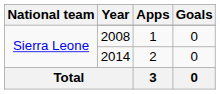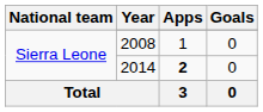 <table class="wikitable" style="text-align:center">
 <tr>
 <th>National team</th>
 <th>Year</th>
 <th>Apps</th>
 <th>Goals</th>
 </tr>
 <tr>
 <td rowspan="3"><a href='#'>Sierra Leone</a></td>
 </tr>
 <tr>
 <td>2008</td>
 <td>1</td>
 <td>0</td>
 </tr>
 <tr>
 <td>2014</td>
-<td>2</td>
+<td><strong>2</strong></td>
 <td>0</td>
 </tr>
 <tr>
 <th colspan="2">Total</th>
 <th>3</th>
 <th>0</th>
 </tr>
 </table>
